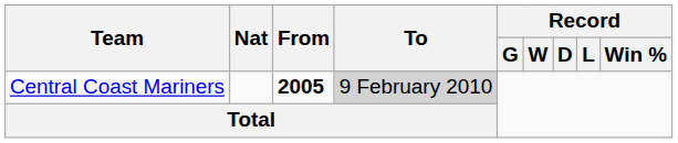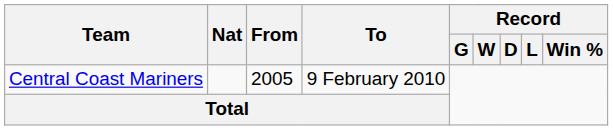 <table class="wikitable" style="text-align: center">
 <tr>
 <th rowspan=2>Team</th>
 <th rowspan=2>Nat</th>
 <th rowspan=2>From</th>
 <th rowspan=2>To</th>
 <th colspan=5>Record</th>
 </tr>
 <tr>
 <th>G</th>
 <th>W</th>
 <th>D</th>
 <th>L</th>
 <th>Win %</th>
 </tr>
 <tr>
 <td align=left><a href='#'>Central Coast Mariners</a></td>
 <td></td>
-<td align=left><strong>2005</strong></td>
-<td align=left style="background: lightgrey;">9 February 2010<br></td>
+<td align=left>2005</td>
+<td align=left>9 February 2010<br></td>
 </tr>
 <tr>
 <th colspan=4>Total<br></th>
 </tr>
 </table>
